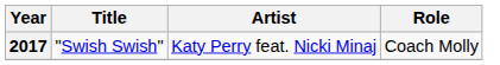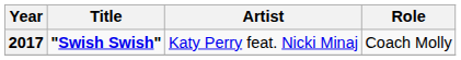 <table class="wikitable plainrowheaders">
 <tr>
 <th scope="col">Year</th>
 <th scope="col">Title</th>
 <th scope="col">Artist</th>
 <th scope="col">Role</th>
 </tr>
 <tr>
 <th scope="row">2017</th>
-<td>"<a href='#'>Swish Swish</a>"</td>
+<td><strong>"<a href='#'>Swish Swish</a>"</strong></td>
 <td><a href='#'>Katy Perry</a> feat. <a href='#'>Nicki Minaj</a></td>
 <td>Coach Molly</td>
 </tr>
 <tr>
 </tr>
 </table>
